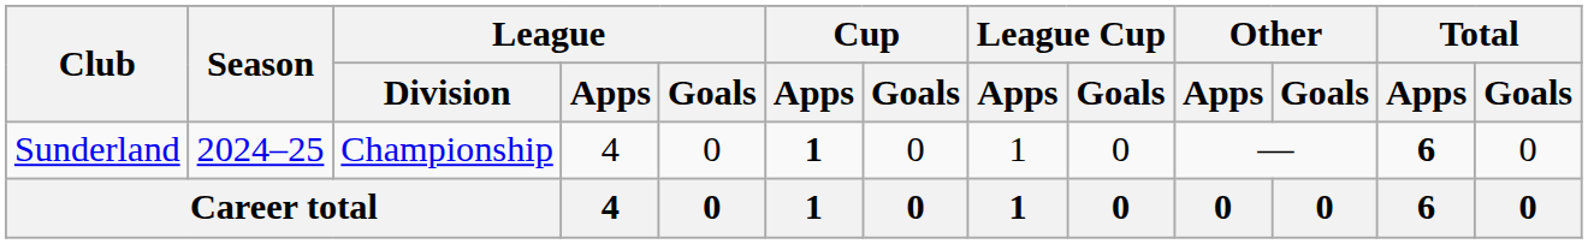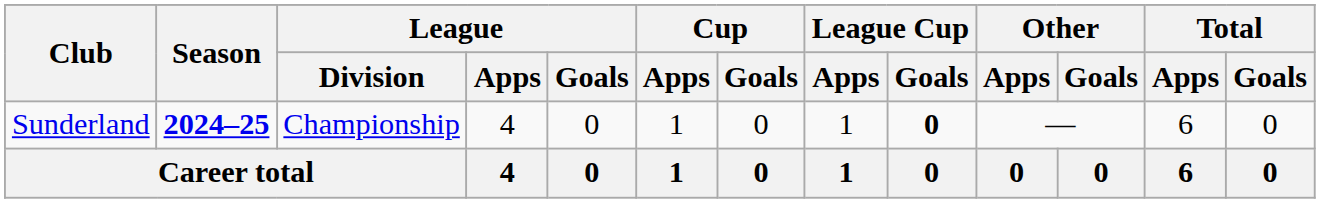 <table class=wikitable style=text-align:center>
 <tr>
 <th rowspan=2>Club</th>
 <th rowspan=2>Season</th>
 <th colspan=3>League</th>
 <th colspan=2>Cup</th>
 <th colspan=2>League Cup</th>
 <th colspan=2>Other</th>
 <th colspan=2>Total</th>
 </tr>
 <tr>
 <th>Division</th>
 <th>Apps</th>
 <th>Goals</th>
 <th>Apps</th>
 <th>Goals</th>
 <th>Apps</th>
 <th>Goals</th>
 <th>Apps</th>
 <th>Goals</th>
 <th>Apps</th>
 <th>Goals</th>
 </tr>
 <tr>
 <td><a href='#'>Sunderland</a></td>
-<td><a href='#'>2024–25</a></td>
+<td><strong><a href='#'>2024–25</a></strong></td>
 <td><a href='#'>Championship</a></td>
 <td>4</td>
 <td>0</td>
-<td><strong>1</strong></td>
+<td>1</td>
 <td>0</td>
 <td>1</td>
-<td>0</td>
+<td><strong>0</strong></td>
 <td colspan="2">—</td>
-<td><strong>6</strong></td>
+<td>6</td>
 <td>0</td>
 </tr>
 <tr>
 <th colspan="3">Career total</th>
 <th>4</th>
 <th>0</th>
 <th>1</th>
 <th>0</th>
 <th>1</th>
 <th>0</th>
 <th>0</th>
 <th>0</th>
 <th>6</th>
 <th>0</th>
 </tr>
 </table>
